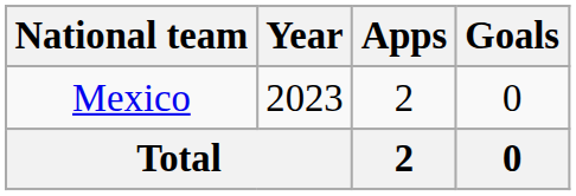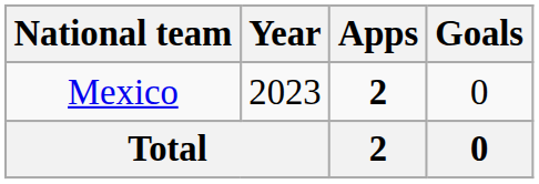 <table class="wikitable" style="text-align: center;">
 <tr>
 <th>National team</th>
 <th>Year</th>
 <th>Apps</th>
 <th>Goals</th>
 </tr>
 <tr>
 <td rowspan="1" valign="center"><a href='#'>Mexico</a></td>
 <td>2023</td>
-<td>2</td>
+<td><strong>2</strong></td>
 <td>0</td>
 </tr>
 <tr>
 <th colspan="2">Total</th>
 <th>2</th>
 <th>0</th>
 </tr>
 </table>
